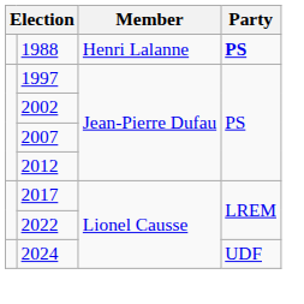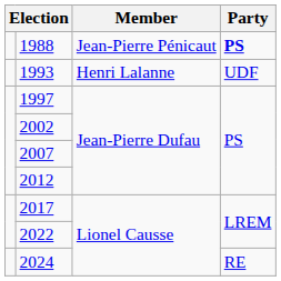 <table class="wikitable">
 <tr>
 <th colspan=2>Election</th>
 <th>Member</th>
 <th>Party</th>
 </tr>
 <tr>
 <td style="background-color: "></td>
 <td><a href='#'>1988</a></td>
+<td><a href='#'>Jean-Pierre Pénicaut</a></td>
+<td><strong><a href='#'>PS</a></strong></td>
+</tr>
+<tr>
+<td style="background-color: "></td>
+<td><a href='#'>1993</a></td>
 <td><a href='#'>Henri Lalanne</a></td>
-<td><strong><a href='#'>PS</a></strong></td>
+<td><a href='#'>UDF</a></td>
 </tr>
 <tr>
 <td rowspan=4 style="background-color: "></td>
 <td><a href='#'>1997</a></td>
 <td rowspan=4><a href='#'>Jean-Pierre Dufau</a></td>
 <td rowspan=4><a href='#'>PS</a></td>
 </tr>
 <tr>
 <td><a href='#'>2002</a></td>
 </tr>
 <tr>
 <td><a href='#'>2007</a></td>
 </tr>
 <tr>
 <td><a href='#'>2012</a></td>
 </tr>
 <tr>
 <td rowspan="2" style="background-color: "></td>
 <td><a href='#'>2017</a></td>
 <td rowspan="3"><a href='#'>Lionel Causse</a></td>
 <td rowspan="2"><a href='#'>LREM</a></td>
 </tr>
 <tr>
 <td><a href='#'>2022</a></td>
 </tr>
 <tr>
 <td style="background-color: "></td>
 <td><a href='#'>2024</a></td>
-<td><a href='#'>UDF</a></td>
+<td><a href='#'>RE</a></td>
 </tr>
 </table>
